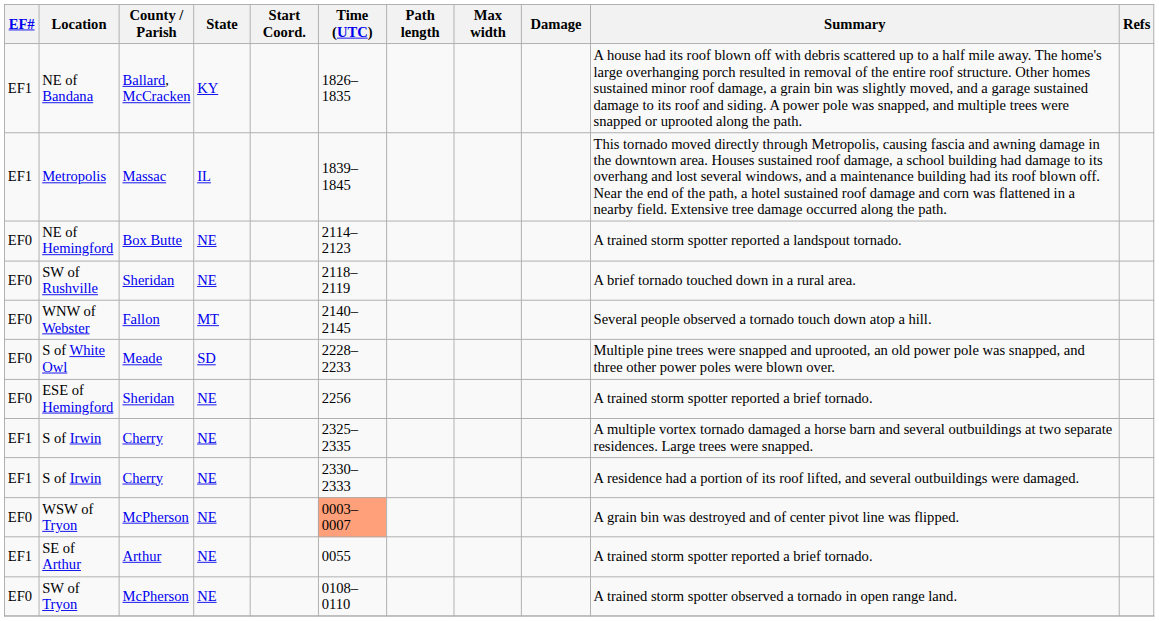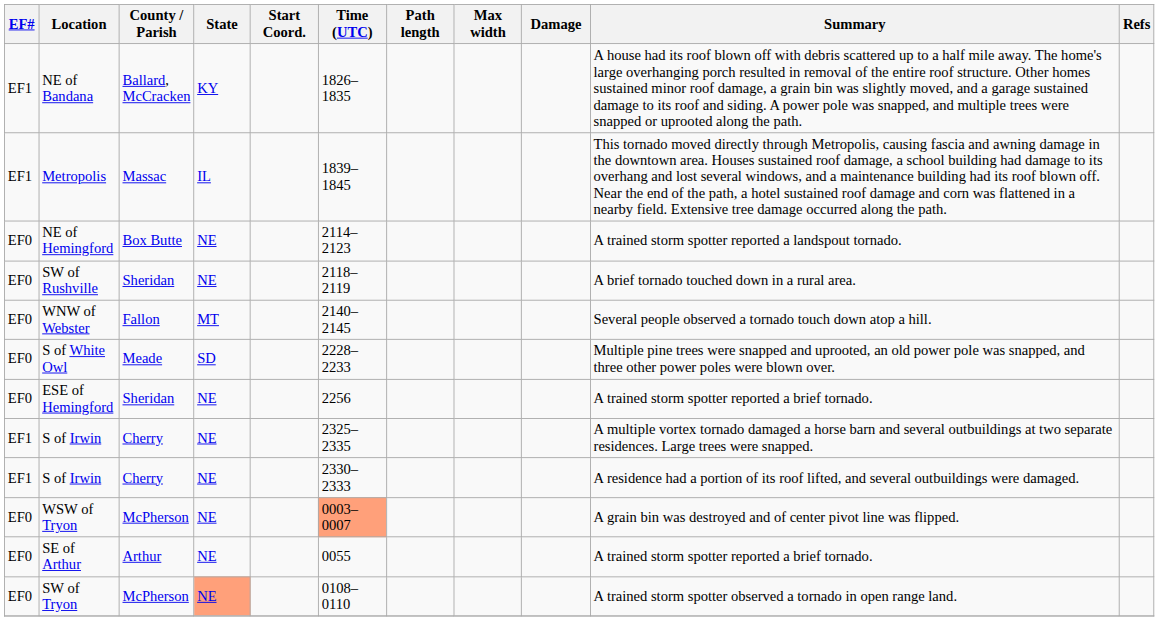 <table class="wikitable sortable" style="width:100%;">
 <tr>
 <th scope="col" width="3%" align="center"><a href='#'>EF#</a></th>
 <th scope="col" width="7%" align="center" class="unsortable">Location</th>
 <th scope="col" width="6%" align="center" class="unsortable">County / Parish</th>
 <th scope="col" width="5%" align="center">State</th>
 <th scope="col" width="6%" align="center">Start Coord.</th>
 <th scope="col" width="6%" align="center">Time (<a href='#'>UTC</a>)</th>
 <th scope="col" width="6%" align="center">Path length</th>
 <th scope="col" width="6%" align="center">Max width</th>
 <th scope="col" width="6%" align="center">Damage</th>
 <th scope="col" width="48%" class="unsortable" align="center">Summary</th>
 <th scope="col" width="48%" class="unsortable" align="center">Refs</th>
 </tr>
 <tr>
 <td>EF1</td>
 <td>NE of <a href='#'>Bandana</a></td>
 <td><a href='#'>Ballard</a>, <a href='#'>McCracken</a></td>
 <td><a href='#'>KY</a></td>
 <td></td>
 <td>1826–1835</td>
 <td></td>
 <td></td>
 <td></td>
 <td>A house had its roof blown off with debris scattered up to a half mile away. The home's large overhanging porch resulted in removal of the entire roof structure. Other homes sustained minor roof damage, a grain bin was slightly moved, and a garage sustained damage to its roof and siding. A power pole was snapped, and multiple trees were snapped or uprooted along the path.</td>
 <td></td>
 </tr>
 <tr>
 <td>EF1</td>
 <td><a href='#'>Metropolis</a></td>
 <td><a href='#'>Massac</a></td>
 <td><a href='#'>IL</a></td>
 <td></td>
 <td>1839–1845</td>
 <td></td>
 <td></td>
 <td></td>
 <td>This tornado moved directly through Metropolis, causing fascia and awning damage in the downtown area. Houses sustained roof damage, a school building had damage to its overhang and lost several windows, and a maintenance building had its roof blown off. Near the end of the path, a hotel sustained roof damage and corn was flattened in a nearby field. Extensive tree damage occurred along the path.</td>
 <td></td>
 </tr>
 <tr>
 <td>EF0</td>
 <td>NE of <a href='#'>Hemingford</a></td>
 <td><a href='#'>Box Butte</a></td>
 <td><a href='#'>NE</a></td>
 <td></td>
 <td>2114–2123</td>
 <td></td>
 <td></td>
 <td></td>
 <td>A trained storm spotter reported a landspout tornado.</td>
 <td></td>
 </tr>
 <tr>
 <td>EF0</td>
 <td>SW of <a href='#'>Rushville</a></td>
 <td><a href='#'>Sheridan</a></td>
 <td><a href='#'>NE</a></td>
 <td></td>
 <td>2118–2119</td>
 <td></td>
 <td></td>
 <td></td>
 <td>A brief tornado touched down in a rural area.</td>
 <td></td>
 </tr>
 <tr>
 <td>EF0</td>
 <td>WNW of <a href='#'>Webster</a></td>
 <td><a href='#'>Fallon</a></td>
 <td><a href='#'>MT</a></td>
 <td></td>
 <td>2140–2145</td>
 <td></td>
 <td></td>
 <td></td>
 <td>Several people observed a tornado touch down atop a hill.</td>
 <td></td>
 </tr>
 <tr>
 <td>EF0</td>
 <td>S of <a href='#'>White Owl</a></td>
 <td><a href='#'>Meade</a></td>
 <td><a href='#'>SD</a></td>
 <td></td>
 <td>2228–2233</td>
 <td></td>
 <td></td>
 <td></td>
 <td>Multiple pine trees were snapped and uprooted, an old power pole was snapped, and three other power poles were blown over.</td>
 <td></td>
 </tr>
 <tr>
 <td>EF0</td>
 <td>ESE of <a href='#'>Hemingford</a></td>
 <td><a href='#'>Sheridan</a></td>
 <td><a href='#'>NE</a></td>
 <td></td>
 <td>2256</td>
 <td></td>
 <td></td>
 <td></td>
 <td>A trained storm spotter reported a brief tornado.</td>
 <td></td>
 </tr>
 <tr>
 <td>EF1</td>
 <td>S of <a href='#'>Irwin</a></td>
 <td><a href='#'>Cherry</a></td>
 <td><a href='#'>NE</a></td>
 <td></td>
 <td>2325–2335</td>
 <td></td>
 <td></td>
 <td></td>
 <td>A multiple vortex tornado damaged a horse barn and several outbuildings at two separate residences. Large trees were snapped.</td>
 <td></td>
 </tr>
 <tr>
 <td>EF1</td>
 <td>S of <a href='#'>Irwin</a></td>
 <td><a href='#'>Cherry</a></td>
 <td><a href='#'>NE</a></td>
 <td></td>
 <td>2330–2333</td>
 <td></td>
 <td></td>
 <td></td>
 <td>A residence had a portion of its roof lifted, and several outbuildings were damaged.</td>
 <td></td>
 </tr>
 <tr>
 <td>EF0</td>
 <td>WSW of <a href='#'>Tryon</a></td>
 <td><a href='#'>McPherson</a></td>
 <td><a href='#'>NE</a></td>
 <td></td>
 <td style="background: lightsalmon;">0003–0007</td>
 <td></td>
 <td></td>
 <td></td>
 <td>A grain bin was destroyed and  of center pivot line was flipped.</td>
 <td></td>
 </tr>
 <tr>
-<td>EF1</td>
+<td>EF0</td>
 <td>SE of <a href='#'>Arthur</a></td>
 <td><a href='#'>Arthur</a></td>
 <td><a href='#'>NE</a></td>
 <td></td>
 <td>0055</td>
 <td></td>
 <td></td>
 <td></td>
 <td>A trained storm spotter reported a brief tornado.</td>
 <td></td>
 </tr>
 <tr>
 <td>EF0</td>
 <td>SW of <a href='#'>Tryon</a></td>
 <td><a href='#'>McPherson</a></td>
-<td><a href='#'>NE</a></td>
+<td style="background: lightsalmon;"><a href='#'>NE</a></td>
 <td></td>
 <td>0108–0110</td>
 <td></td>
 <td></td>
 <td></td>
 <td>A trained storm spotter observed a tornado in open range land.</td>
 <td></td>
 </tr>
 <tr>
 </tr>
 </table>
